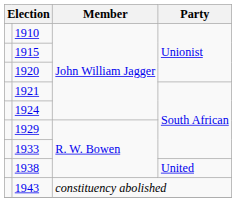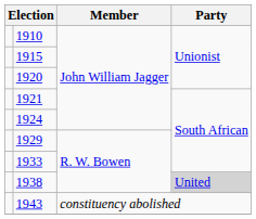 <table class="wikitable">
 <tr>
 <th colspan="2">Election</th>
 <th>Member</th>
 <th>Party</th>
 </tr>
 <tr>
 <td style="background-color: "></td>
 <td><a href='#'>1910</a></td>
 <td rowspan="5"><a href='#'>John William Jagger</a></td>
 <td rowspan="3"><a href='#'>Unionist</a></td>
 </tr>
 <tr>
 <td style="background-color: "></td>
 <td><a href='#'>1915</a></td>
 </tr>
 <tr>
 <td style="background-color: "></td>
 <td><a href='#'>1920</a></td>
 </tr>
 <tr>
 <td style="background-color: "></td>
 <td><a href='#'>1921</a></td>
 <td rowspan="4"><a href='#'>South African</a></td>
 </tr>
 <tr>
 <td style="background-color: "></td>
 <td><a href='#'>1924</a></td>
 </tr>
 <tr>
 <td style="background-color: "></td>
 <td><a href='#'>1929</a></td>
 <td rowspan="3"><a href='#'>R. W. Bowen</a></td>
 </tr>
 <tr>
 <td style="background-color: "></td>
 <td><a href='#'>1933</a></td>
 </tr>
 <tr>
 <td style="background-color: "></td>
 <td><a href='#'>1938</a></td>
-<td><a href='#'>United</a></td>
+<td style="background: lightgrey;"><a href='#'>United</a></td>
 </tr>
 <tr>
 <td style="background-color: "></td>
 <td><a href='#'>1943</a></td>
 <td colspan="2"><em>constituency abolished</em></td>
 </tr>
 <tr>
 </tr>
 </table>
